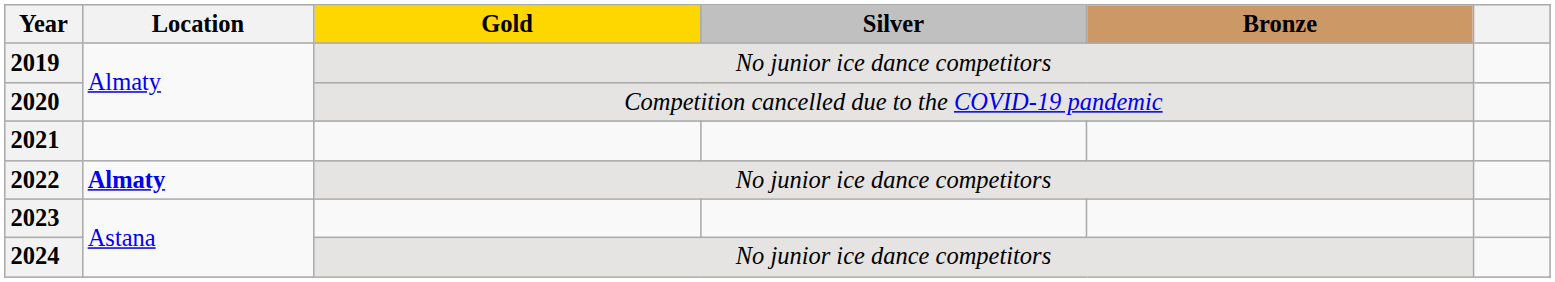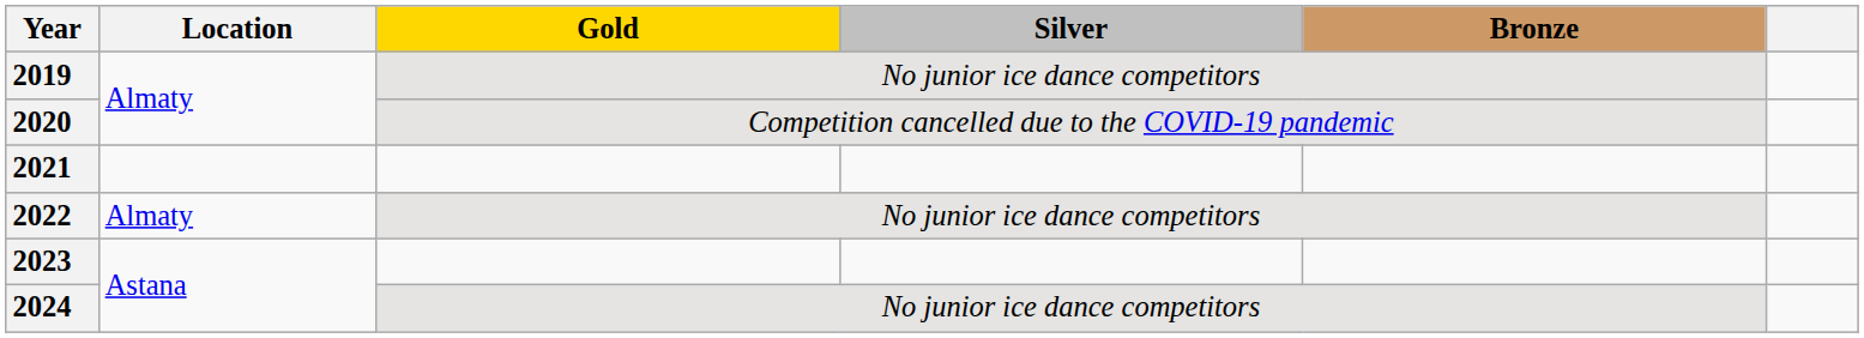 <table class="wikitable unsortable" style="text-align:left; width:80%">
 <tr>
 <th scope="col" style="text-align:center; width:5%">Year</th>
 <th scope="col" style="text-align:center; width:15%">Location</th>
 <th scope="col" style="text-align:center; width:25%; background:gold">Gold</th>
 <th scope="col" style="text-align:center; width:25%; background:silver">Silver</th>
 <th scope="col" style="text-align:center; width:25%; background:#c96">Bronze</th>
 <th scope="col" style="text-align:center; width:5%"></th>
 </tr>
 <tr>
 <th scope="row" style="text-align:left">2019</th>
 <td rowspan="2"><a href='#'>Almaty</a></td>
 <td colspan="3" bgcolor="e5e4e2" align="center"><em>No junior ice dance competitors</em></td>
 <td></td>
 </tr>
 <tr>
 <th scope="row" style="text-align:left">2020</th>
 <td colspan="3" bgcolor="e5e4e2" align="center"><em>Competition cancelled due to the <a href='#'>COVID-19 pandemic</a></em></td>
 <td></td>
 </tr>
 <tr>
 <th scope="row" style="text-align:left">2021</th>
 <td></td>
 <td></td>
 <td></td>
 <td></td>
 <td></td>
 </tr>
 <tr>
 <th scope="row" style="text-align:left">2022</th>
-<td><strong><a href='#'>Almaty</a></strong></td>
+<td><a href='#'>Almaty</a></td>
 <td colspan="3" bgcolor="e5e4e2" align="center"><em>No junior ice dance competitors</em></td>
 <td></td>
 </tr>
 <tr>
 <th scope="row" style="text-align:left">2023</th>
 <td rowspan="2"><a href='#'>Astana</a></td>
 <td></td>
 <td></td>
 <td></td>
 <td></td>
 </tr>
 <tr>
 <th scope="row" style="text-align:left">2024</th>
 <td colspan="3" align="center" bgcolor="e5e4e2"><em>No junior ice dance competitors</em></td>
 <td></td>
 </tr>
 </table>
